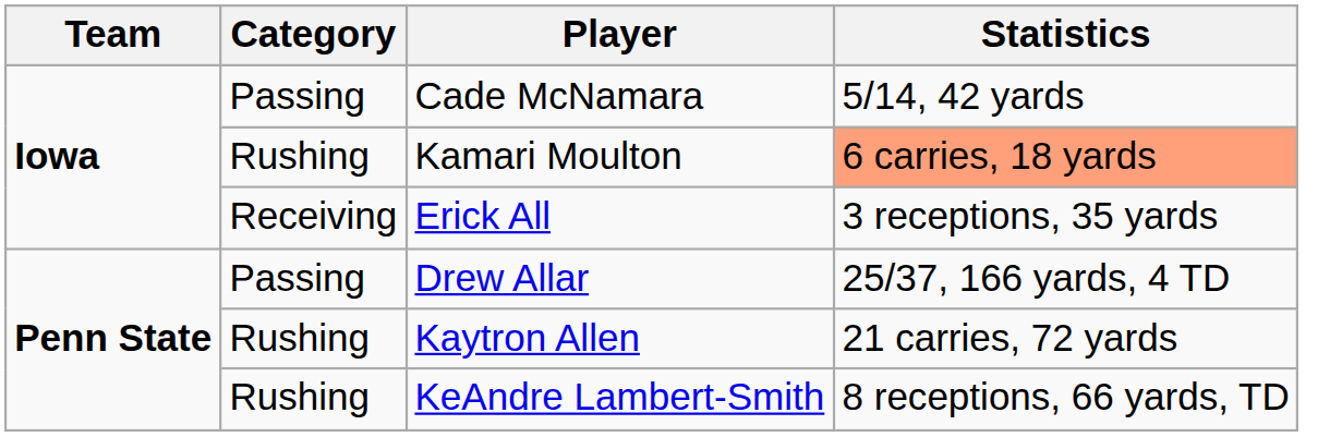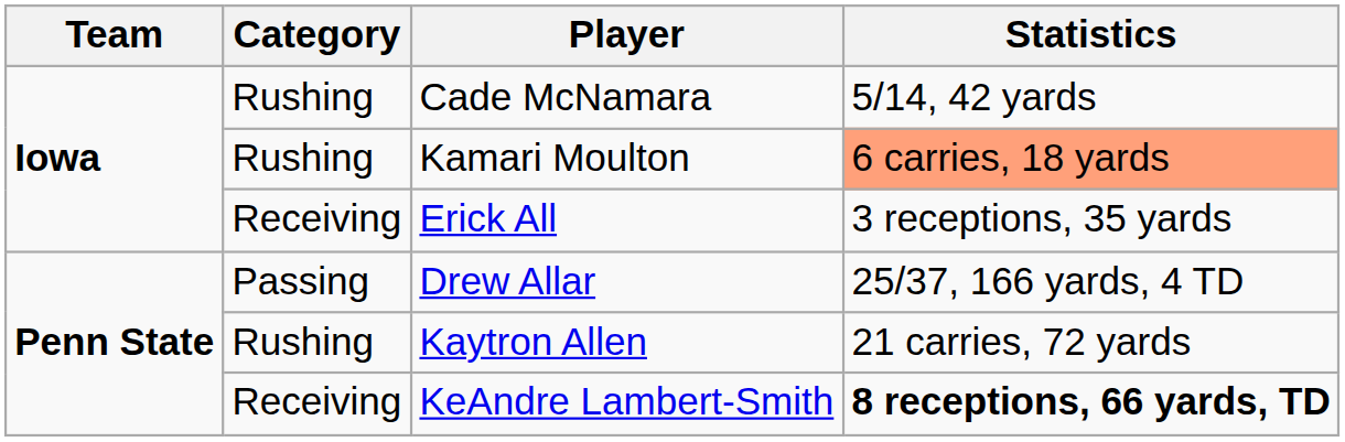 <table class="wikitable" style="float: left;">
 <tr>
 <th>Team</th>
 <th>Category</th>
 <th>Player</th>
 <th>Statistics</th>
 </tr>
 <tr>
 <td rowspan=3><strong>Iowa</strong></td>
-<td>Passing</td>
+<td>Rushing</td>
 <td>Cade McNamara</td>
 <td>5/14, 42 yards</td>
 </tr>
 <tr>
 <td>Rushing</td>
 <td>Kamari Moulton</td>
 <td style="background: lightsalmon;">6 carries, 18 yards</td>
 </tr>
 <tr>
 <td>Receiving</td>
 <td><a href='#'>Erick All</a></td>
 <td>3 receptions, 35 yards</td>
 </tr>
 <tr>
 <td rowspan=3><strong>Penn State</strong></td>
 <td>Passing</td>
 <td><a href='#'>Drew Allar</a></td>
 <td>25/37, 166 yards, 4 TD</td>
 </tr>
 <tr>
 <td>Rushing</td>
 <td><a href='#'>Kaytron Allen</a></td>
 <td>21 carries, 72 yards</td>
 </tr>
 <tr>
-<td>Rushing</td>
+<td>Receiving</td>
 <td><a href='#'>KeAndre Lambert-Smith</a></td>
-<td>8 receptions, 66 yards, TD</td>
+<td><strong>8 receptions, 66 yards, TD</strong></td>
 </tr>
 </table>
